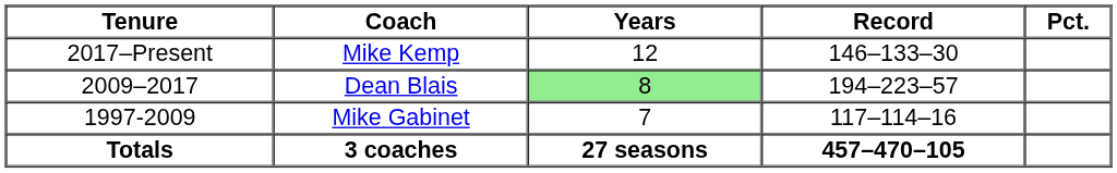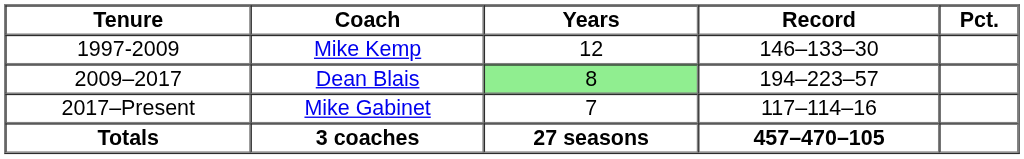 <table cellpadding="1" border="1" cellspacing="0" width="60%">
 <tr>
 <th>Tenure</th>
 <th>Coach</th>
 <th>Years</th>
 <th>Record</th>
 <th>Pct.</th>
 </tr>
 <tr align="center">
-<td>2017–Present</td>
+<td>1997-2009</td>
 <td><a href='#'>Mike Kemp</a></td>
 <td>12</td>
 <td>146–133–30</td>
 <td></td>
 </tr>
 <tr align="center">
 <td>2009–2017</td>
 <td><a href='#'>Dean Blais</a></td>
 <td style="background: lightgreen;">8</td>
 <td>194–223–57</td>
 <td></td>
 </tr>
 <tr align="center">
-<td>1997-2009</td>
+<td>2017–Present</td>
 <td><a href='#'>Mike Gabinet</a></td>
 <td>7</td>
 <td>117–114–16</td>
 <td></td>
 </tr>
 <tr align=center>
 <th>Totals</th>
 <th>3 coaches</th>
 <th>27 seasons</th>
 <th>457–470–105</th>
 <th></th>
 </tr>
 </table>
